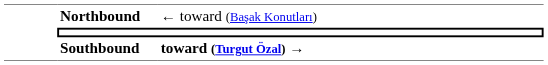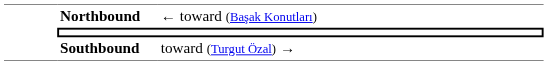 <table table border=0 cellspacing=0 cellpadding=3>
 <tr>
 <td style="border-top:solid 1px gray;border-bottom:solid 1px gray;" width=50 rowspan=3 valign=top></td>
 <td style="border-top:solid 1px gray;" width=100><strong>Northbound</strong></td>
 <td style="border-top:solid 1px gray;" width=400>←  toward  <small>(<a href='#'>Başak Konutları</a>)</small></td>
 </tr>
 <tr>
 <td style="border-top:solid 2px black;border-right:solid 2px black;border-left:solid 2px black;border-bottom:solid 2px black;text-align:center;" colspan=2></td>
 </tr>
 <tr>
 <td style="border-bottom:solid 1px gray;"><strong>Southbound</strong></td>
-<td style="border-bottom:solid 1px gray;"><strong> toward  <small>(<a href='#'>Turgut Özal</a>)</small> →</strong></td>
+<td style="border-bottom:solid 1px gray;"> toward  <small>(<a href='#'>Turgut Özal</a>)</small> →</td>
 </tr>
 </table>
